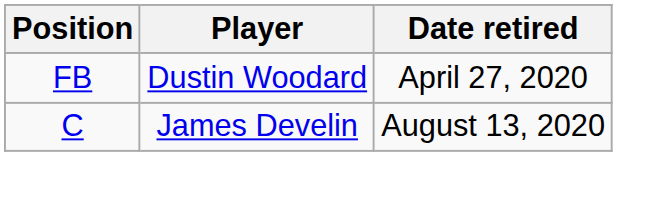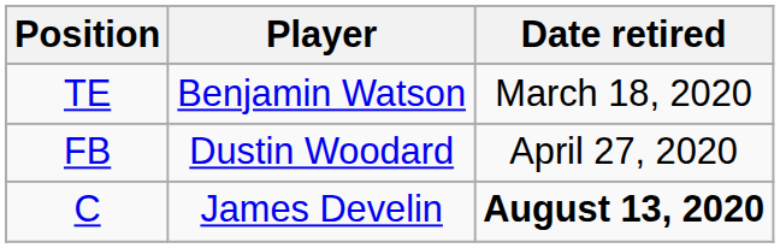 <table class="wikitable" style="text-align:center">
 <tr>
 <th>Position</th>
 <th>Player</th>
 <th>Date retired</th>
+</tr>
+<tr>
+<td><a href='#'>TE</a></td>
+<td><a href='#'>Benjamin Watson</a></td>
+<td>March 18, 2020</td>
 </tr>
 <tr>
 <td><a href='#'>FB</a></td>
 <td><a href='#'>Dustin Woodard</a></td>
 <td>April 27, 2020</td>
 </tr>
 <tr>
 <td><a href='#'>C</a></td>
 <td><a href='#'>James Develin</a></td>
-<td>August 13, 2020</td>
+<td><strong>August 13, 2020</strong></td>
 </tr>
 </table>
